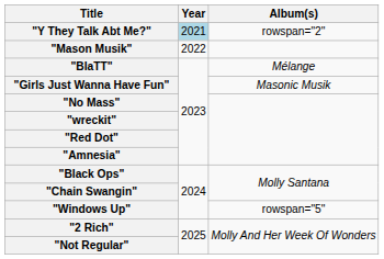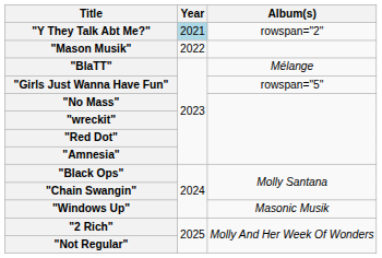 <table class="wikitable plainrowheaders" style="text-align:center;">
 <tr>
 <th scope="col" style="width:15em;">Title</th>
 <th scope="col">Year</th>
 <th scope="col">Album(s)</th>
 </tr>
 <tr>
 <th scope="row">"Y They Talk Abt Me?"</th>
 <td style="background: lightblue;">2021</td>
 <td>rowspan="2" </td>
 </tr>
 <tr>
 <th scope="row">"Mason Musik"</th>
 <td>2022</td>
 </tr>
 <tr>
 <th scope="row">"BlaTT"</th>
 <td rowspan="6">2023</td>
 <td><em>Mélange</em></td>
 </tr>
 <tr>
 <th scope="row">"Girls Just Wanna Have Fun"</th>
-<td><em>Masonic Musik</em></td>
+<td>rowspan="5" </td>
 </tr>
 <tr>
 <th scope="row">"No Mass"</th>
 </tr>
 <tr>
 <th scope="row">"wreckit"</th>
 </tr>
 <tr>
 <th scope="row">"Red Dot"</th>
 </tr>
 <tr>
 <th scope="row">"Amnesia"</th>
 </tr>
 <tr>
 <th scope="row">"Black Ops"</th>
 <td rowspan="3">2024</td>
 <td rowspan="2"><em>Molly Santana</em></td>
 </tr>
 <tr>
 <th scope="row">"Chain Swangin"</th>
 </tr>
 <tr>
 <th scope="row">"Windows Up"</th>
-<td>rowspan="5" </td>
+<td><em>Masonic Musik</em></td>
 </tr>
 <tr>
 <th scope="row">"2 Rich"</th>
 <td rowspan="2">2025</td>
 <td rowspan="2"><em>Molly And Her Week Of Wonders</em></td>
 </tr>
 <tr>
 <th scope="row">"Not Regular"</th>
 </tr>
 </table>
